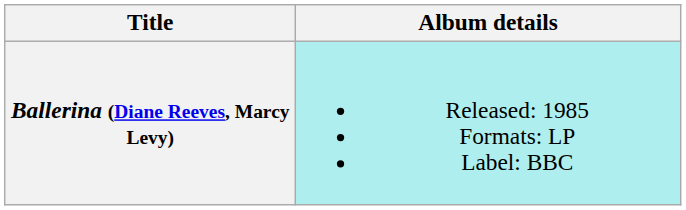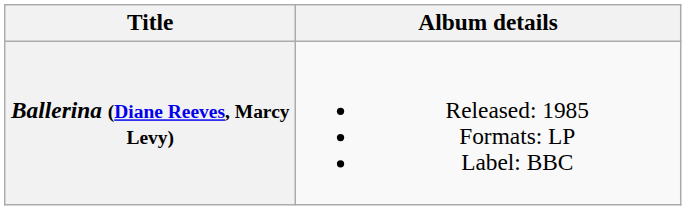 <table class="wikitable plainrowheaders" style="text-align:center;">
 <tr>
 <th scope="col" style="width:12em;">Title</th>
 <th scope="col" style="width:16em;">Album details</th>
 </tr>
 <tr>
 <th scope="row"><em>Ballerina</em> <small>(<a href='#'>Diane Reeves</a>, Marcy Levy)</small> </th>
-<td style="background: paleturquoise;"><br><ul><li>Released: 1985</li><li>Formats: LP</li><li>Label: BBC</li></ul></td>
+<td><br><ul><li>Released: 1985</li><li>Formats: LP</li><li>Label: BBC</li></ul></td>
 </tr>
 </table>
